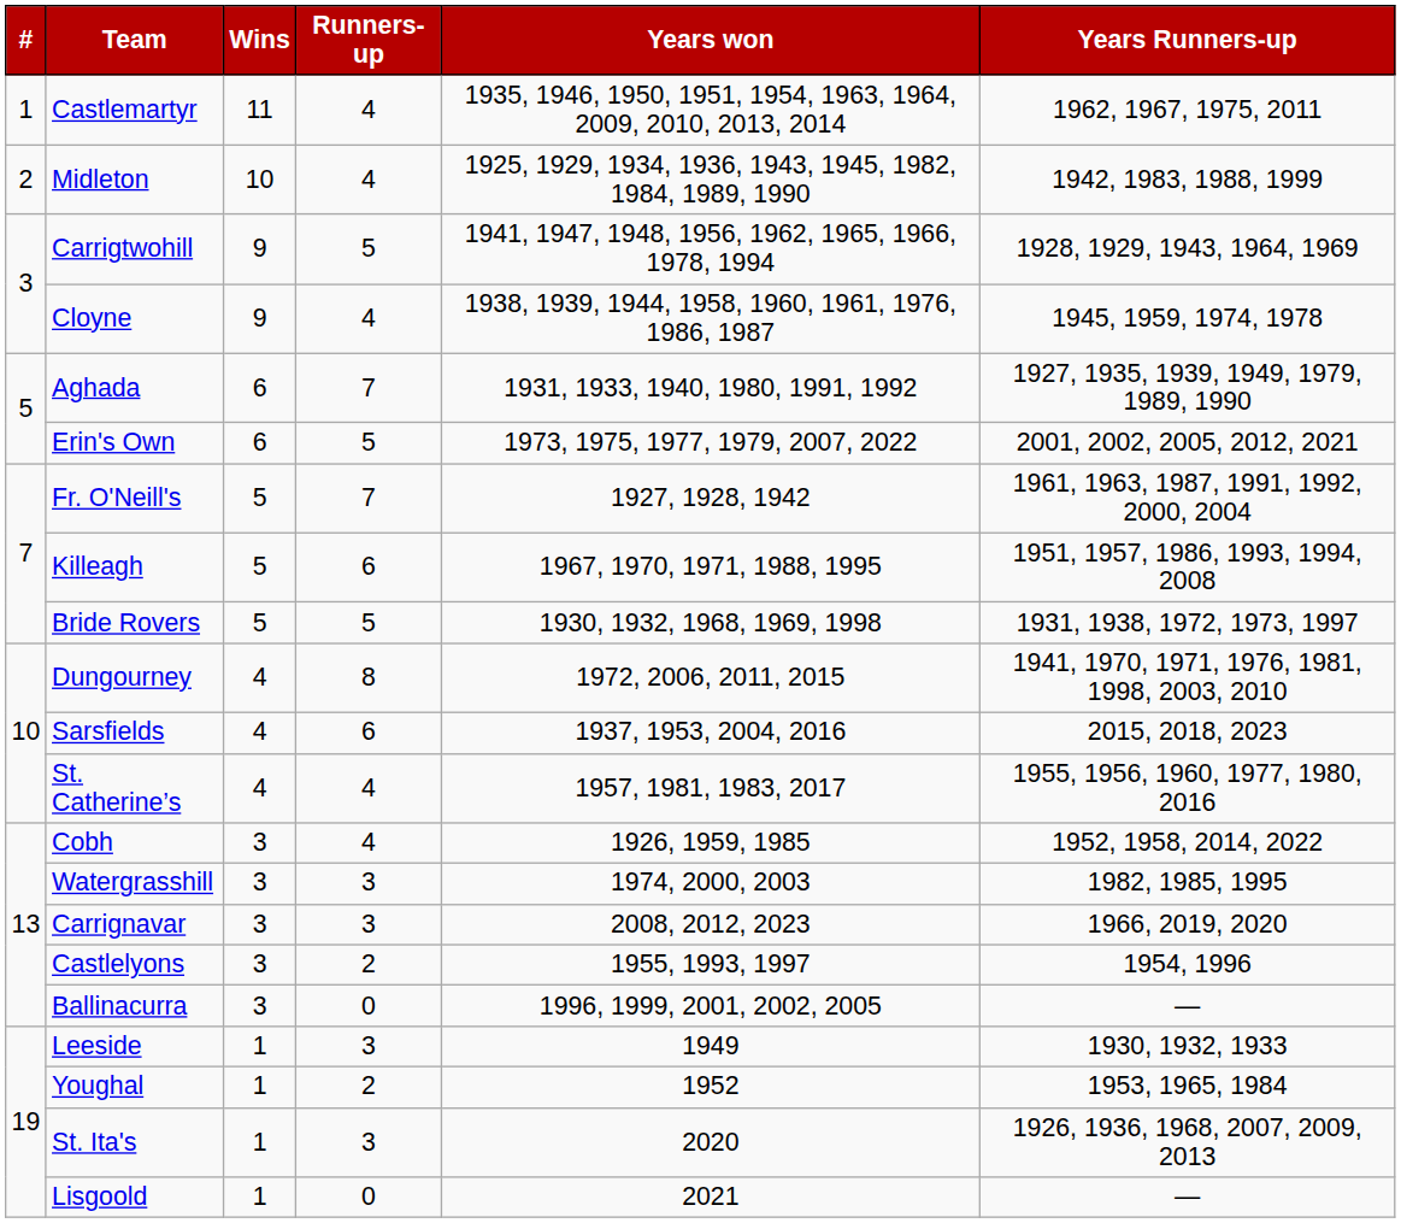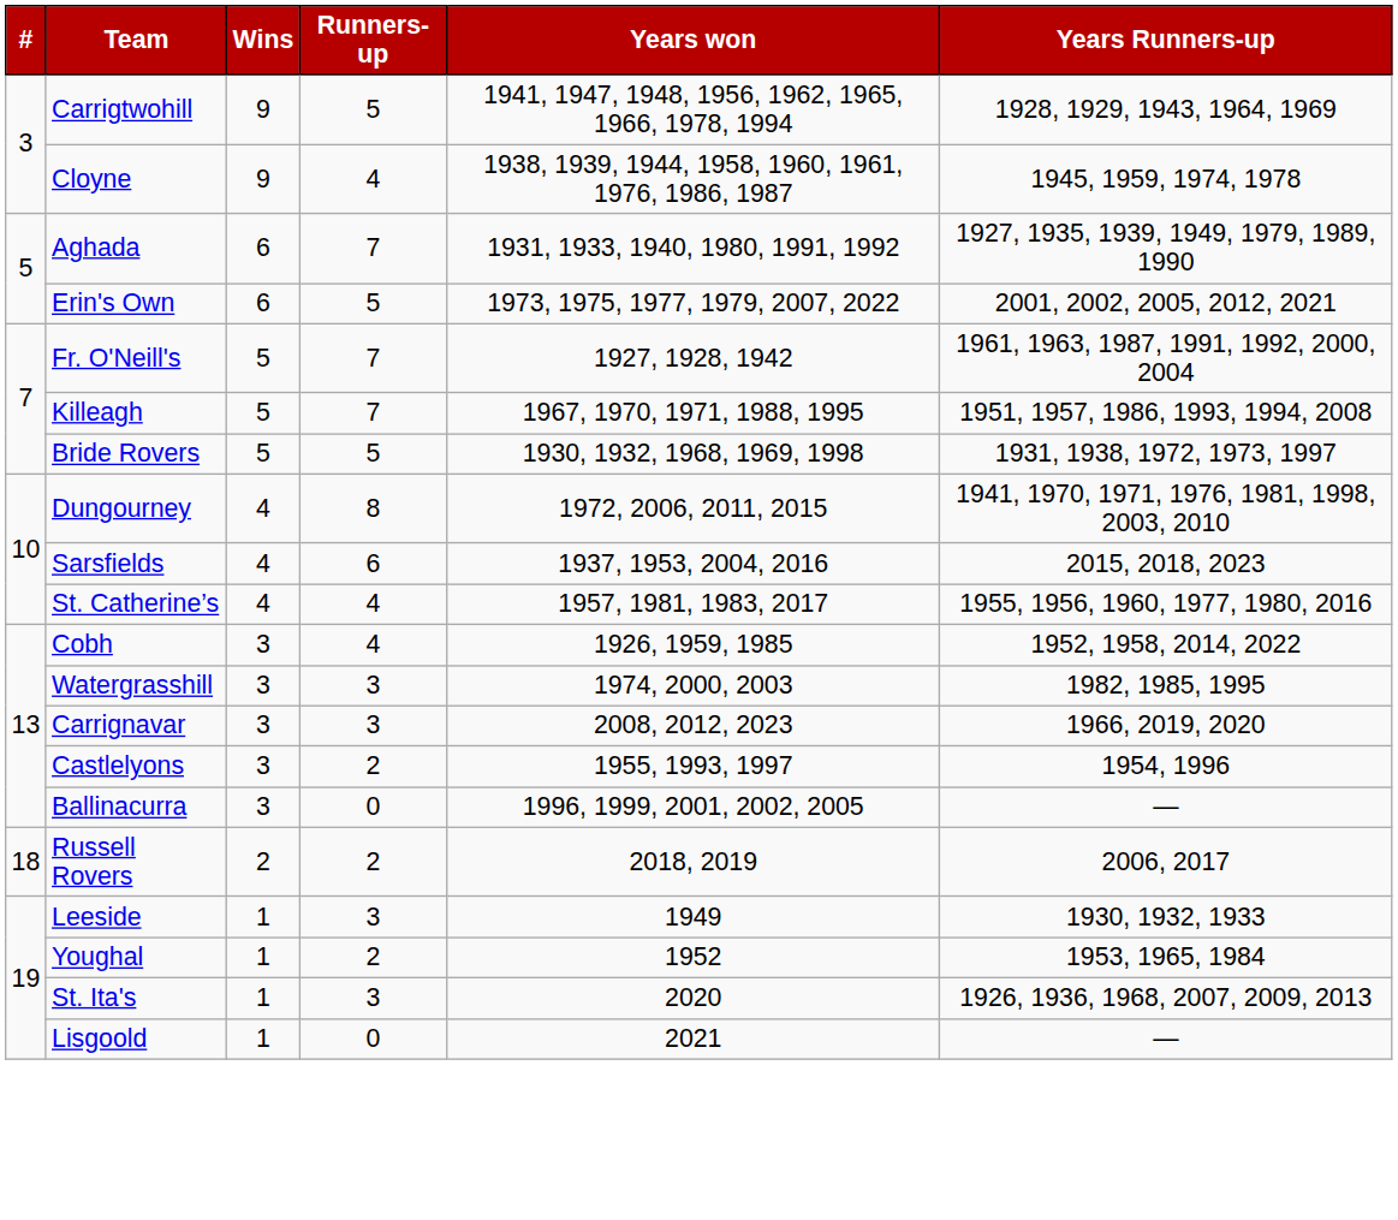 <table class="wikitable" | style="text-align:center">
 <tr>
 <th style="background:#B60000;color:white;border:1px solid black">#</th>
 <th style="background:#B60000;color:white;border:1px solid black">Team</th>
 <th style="background:#B60000;color:white;border:1px solid black">Wins</th>
 <th style="background:#B60000;color:white;border:1px solid black">Runners-up</th>
 <th style="background:#B60000;color:white;border:1px solid black">Years won</th>
 <th style="background:#B60000;color:white;border:1px solid black">Years Runners-up</th>
-</tr>
-<tr>
-<td>1</td>
-<td style="text-align:left"> <a href='#'>Castlemartyr</a></td>
-<td>11</td>
-<td>4</td>
-<td>1935, 1946, 1950, 1951, 1954, 1963, 1964, 2009, 2010, 2013, 2014</td>
-<td>1962, 1967, 1975, 2011</td>
-</tr>
-<tr>
-<td>2</td>
-<td style="text-align:left"> <a href='#'>Midleton</a></td>
-<td>10</td>
-<td>4</td>
-<td>1925, 1929, 1934, 1936, 1943, 1945, 1982, 1984, 1989, 1990</td>
-<td>1942, 1983, 1988, 1999</td>
 </tr>
 <tr>
 <td rowspan="2">3</td>
 <td style="text-align:left"> <a href='#'>Carrigtwohill</a></td>
 <td>9</td>
 <td>5</td>
 <td>1941, 1947, 1948, 1956, 1962, 1965, 1966, 1978, 1994</td>
 <td>1928, 1929, 1943, 1964, 1969</td>
 </tr>
 <tr>
 <td style="text-align:left"> <a href='#'>Cloyne</a></td>
 <td>9</td>
 <td>4</td>
 <td>1938, 1939, 1944, 1958, 1960, 1961, 1976, 1986, 1987</td>
 <td>1945, 1959, 1974, 1978</td>
 </tr>
 <tr>
 <td rowspan="2">5</td>
 <td style="text-align:left"> <a href='#'>Aghada</a></td>
 <td>6</td>
 <td>7</td>
 <td>1931, 1933, 1940, 1980, 1991, 1992</td>
 <td>1927, 1935, 1939, 1949, 1979, 1989, 1990</td>
 </tr>
 <tr>
 <td style="text-align:left"> <a href='#'>Erin's Own</a></td>
 <td>6</td>
 <td>5</td>
 <td>1973, 1975, 1977, 1979, 2007, 2022</td>
 <td>2001, 2002, 2005, 2012, 2021</td>
 </tr>
 <tr>
 <td rowspan="3">7</td>
 <td style="text-align:left"> <a href='#'>Fr. O'Neill's</a></td>
 <td>5</td>
 <td>7</td>
 <td>1927, 1928, 1942</td>
 <td>1961, 1963, 1987, 1991, 1992, 2000, 2004</td>
 </tr>
 <tr>
 <td style="text-align:left"> <a href='#'>Killeagh</a></td>
 <td>5</td>
-<td>6</td>
+<td>7</td>
 <td>1967, 1970, 1971, 1988, 1995</td>
 <td>1951, 1957, 1986, 1993, 1994, 2008</td>
 </tr>
 <tr>
 <td style="text-align:left"> <a href='#'>Bride Rovers</a></td>
 <td>5</td>
 <td>5</td>
 <td>1930, 1932, 1968, 1969, 1998</td>
 <td>1931, 1938, 1972, 1973, 1997</td>
 </tr>
 <tr>
 <td rowspan="3">10</td>
 <td style="text-align:left"> <a href='#'>Dungourney</a></td>
 <td>4</td>
 <td>8</td>
 <td>1972, 2006, 2011, 2015</td>
 <td>1941, 1970, 1971, 1976, 1981, 1998, 2003, 2010</td>
 </tr>
 <tr>
 <td style="text-align:left"> <a href='#'>Sarsfields</a></td>
 <td>4</td>
 <td>6</td>
 <td>1937, 1953, 2004, 2016</td>
 <td>2015, 2018, 2023</td>
 </tr>
 <tr>
 <td style="text-align:left"> <a href='#'>St. Catherine’s</a></td>
 <td>4</td>
 <td>4</td>
 <td>1957, 1981, 1983, 2017</td>
 <td>1955, 1956, 1960, 1977, 1980, 2016</td>
 </tr>
 <tr>
 <td rowspan="5">13</td>
 <td style="text-align:left"> <a href='#'>Cobh</a></td>
 <td>3</td>
 <td>4</td>
 <td>1926, 1959, 1985</td>
 <td>1952, 1958, 2014, 2022</td>
 </tr>
 <tr>
 <td style="text-align:left"> <a href='#'>Watergrasshill</a></td>
 <td>3</td>
 <td>3</td>
 <td>1974, 2000, 2003</td>
 <td>1982, 1985, 1995</td>
 </tr>
 <tr>
 <td style="text-align:left"> <a href='#'>Carrignavar</a></td>
 <td>3</td>
 <td>3</td>
 <td>2008, 2012, 2023</td>
 <td>1966, 2019, 2020</td>
 </tr>
 <tr>
 <td style="text-align:left"> <a href='#'>Castlelyons</a></td>
 <td>3</td>
 <td>2</td>
 <td>1955, 1993, 1997</td>
 <td>1954, 1996</td>
 </tr>
 <tr>
 <td style="text-align:left"> <a href='#'>Ballinacurra</a></td>
 <td>3</td>
 <td>0</td>
 <td>1996, 1999, 2001, 2002, 2005</td>
 <td>—</td>
 </tr>
 <tr>
+<td>18</td>
+<td style="text-align:left"> <a href='#'>Russell Rovers</a></td>
+<td>2</td>
+<td>2</td>
+<td>2018, 2019</td>
+<td>2006, 2017</td>
+</tr>
+<tr>
 <td rowspan="4">19</td>
 <td style="text-align:left"><a href='#'>Leeside</a></td>
 <td>1</td>
 <td>3</td>
 <td>1949</td>
 <td>1930, 1932, 1933</td>
 </tr>
 <tr>
 <td style="text-align:left"> <a href='#'>Youghal</a></td>
 <td>1</td>
 <td>2</td>
 <td>1952</td>
 <td>1953, 1965, 1984</td>
 </tr>
 <tr>
 <td style="text-align:left"> <a href='#'>St. Ita's</a></td>
 <td>1</td>
 <td>3</td>
 <td>2020</td>
 <td>1926, 1936, 1968, 2007, 2009, 2013</td>
 </tr>
 <tr>
 <td style="text-align:left"> <a href='#'>Lisgoold</a></td>
 <td>1</td>
 <td>0</td>
 <td>2021</td>
 <td>—</td>
 </tr>
 </table>
